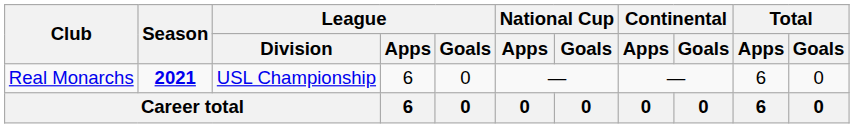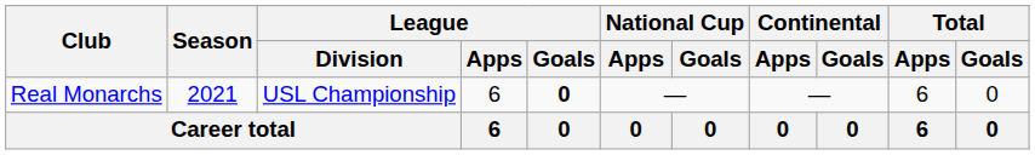 <table class=wikitable style=text-align:center>
 <tr>
 <th rowspan=2>Club</th>
 <th rowspan=2>Season</th>
 <th colspan=3>League</th>
 <th colspan=2>National Cup</th>
 <th colspan=2>Continental</th>
 <th colspan=2>Total</th>
 </tr>
 <tr>
 <th>Division</th>
 <th>Apps</th>
 <th>Goals</th>
 <th>Apps</th>
 <th>Goals</th>
 <th>Apps</th>
 <th>Goals</th>
 <th>Apps</th>
 <th>Goals</th>
 </tr>
 <tr>
 <td rowspan=1><a href='#'>Real Monarchs</a></td>
-<td><strong><a href='#'>2021</a></strong></td>
+<td><a href='#'>2021</a></td>
 <td><a href='#'>USL Championship</a></td>
 <td>6</td>
-<td>0</td>
+<td><strong>0</strong></td>
 <td colspan=2>—</td>
 <td colspan=2>—</td>
 <td>6</td>
 <td>0</td>
 </tr>
 <tr>
 <th colspan=3>Career total</th>
 <th>6</th>
 <th>0</th>
 <th>0</th>
 <th>0</th>
 <th>0</th>
 <th>0</th>
 <th>6</th>
 <th>0</th>
 </tr>
 </table>
